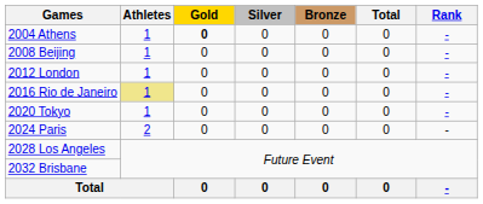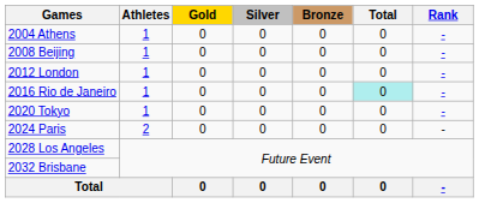 <table class="wikitable" style="text-align:center; font-size:90%;">
 <tr>
 <th>Games</th>
 <th>Athletes</th>
 <td style="background:gold; width:4.5em; font-weight:bold;">Gold</td>
 <td style="background:silver; width:4.5em; font-weight:bold;">Silver</td>
 <td style="background:#cc9966; width:4.5em; font-weight:bold;">Bronze</td>
 <th style="width:4.5em; font-weight:bold;">Total</th>
 <th style="width:4.5em; font-weight:bold;"><a href='#'>Rank</a></th>
 </tr>
 <tr>
 <td align=left><a href='#'>2004 Athens</a></td>
 <td><a href='#'>1</a></td>
-<td><strong>0</strong></td>
+<td>0</td>
 <td>0</td>
 <td>0</td>
 <td>0</td>
 <td><a href='#'>-</a></td>
 </tr>
 <tr>
 <td align=left><a href='#'>2008 Beijing</a></td>
 <td><a href='#'>1</a></td>
 <td>0</td>
 <td>0</td>
 <td>0</td>
 <td>0</td>
 <td><a href='#'>-</a></td>
 </tr>
 <tr>
 <td align=left><a href='#'>2012 London</a></td>
 <td><a href='#'>1</a></td>
 <td>0</td>
 <td>0</td>
 <td>0</td>
 <td>0</td>
 <td><a href='#'>-</a></td>
 </tr>
 <tr>
 <td align=left><a href='#'>2016 Rio de Janeiro</a></td>
-<td style="background: khaki;"><a href='#'>1</a></td>
+<td><a href='#'>1</a></td>
 <td>0</td>
 <td>0</td>
 <td>0</td>
-<td>0</td>
+<td style="background: paleturquoise;">0</td>
 <td><a href='#'>-</a></td>
 </tr>
 <tr>
 <td align=left><a href='#'>2020 Tokyo</a></td>
 <td><a href='#'>1</a></td>
 <td>0</td>
 <td>0</td>
 <td>0</td>
 <td>0</td>
 <td><a href='#'>-</a></td>
 </tr>
 <tr>
 <td align=left><a href='#'>2024 Paris</a></td>
 <td><a href='#'>2</a></td>
 <td>0</td>
 <td>0</td>
 <td>0</td>
 <td>0</td>
 <td>-</td>
 </tr>
 <tr>
 <td align=left><a href='#'>2028 Los Angeles</a></td>
 <td colspan="6" rowspan="2"><em>Future Event</em></td>
 </tr>
 <tr>
 <td align=left><a href='#'>2032 Brisbane</a></td>
 </tr>
 <tr>
 <th colspan=2>Total</th>
 <th>0</th>
 <th>0</th>
 <th>0</th>
 <th>0</th>
 <th><a href='#'>-</a></th>
 </tr>
 </table>
